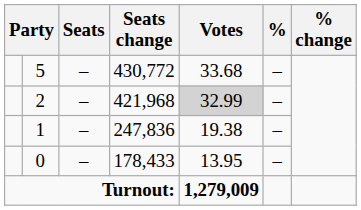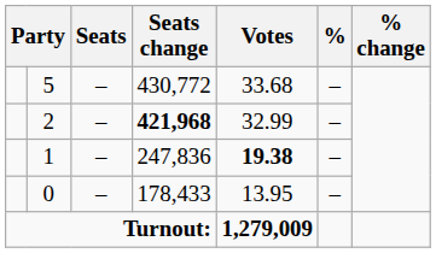 <table class="wikitable sortable">
 <tr>
 <th colspan="2" rowspan="1" align="center">Party</th>
 <th align="center">Seats</th>
 <th align="center">Seats<br>change</th>
 <th align="center">Votes</th>
 <th align="center">%</th>
 <th align="center">%<br>change</th>
 </tr>
 <tr>
 <td></td>
 <td align="center">5</td>
 <td align="center">–</td>
 <td align="center">430,772</td>
 <td align="center">33.68</td>
 <td align="center">–</td>
 </tr>
 <tr>
 <td></td>
 <td align="center">2</td>
 <td align="center">–</td>
-<td align="center">421,968</td>
-<td align="center" style="background: lightgrey;">32.99</td>
+<td align="center"><strong>421,968</strong></td>
+<td align="center">32.99</td>
 <td align="center">–</td>
 </tr>
 <tr>
 <td></td>
 <td align="center">1</td>
 <td align="center">–</td>
 <td align="center">247,836</td>
-<td align="center">19.38</td>
+<td align="center"><strong>19.38</strong></td>
 <td align="center">–</td>
 </tr>
 <tr>
 <td></td>
 <td align="center">0</td>
 <td align="center">–</td>
 <td align="center">178,433</td>
 <td align="center">13.95</td>
 <td align="center">–</td>
 </tr>
 <tr>
 <td colspan="4" rowspan="1" align="right"><strong>Turnout:</strong></td>
 <td align="center"><strong> 1,279,009</strong></td>
 <td align="center"></td>
 <td align="center"></td>
 </tr>
 </table>
